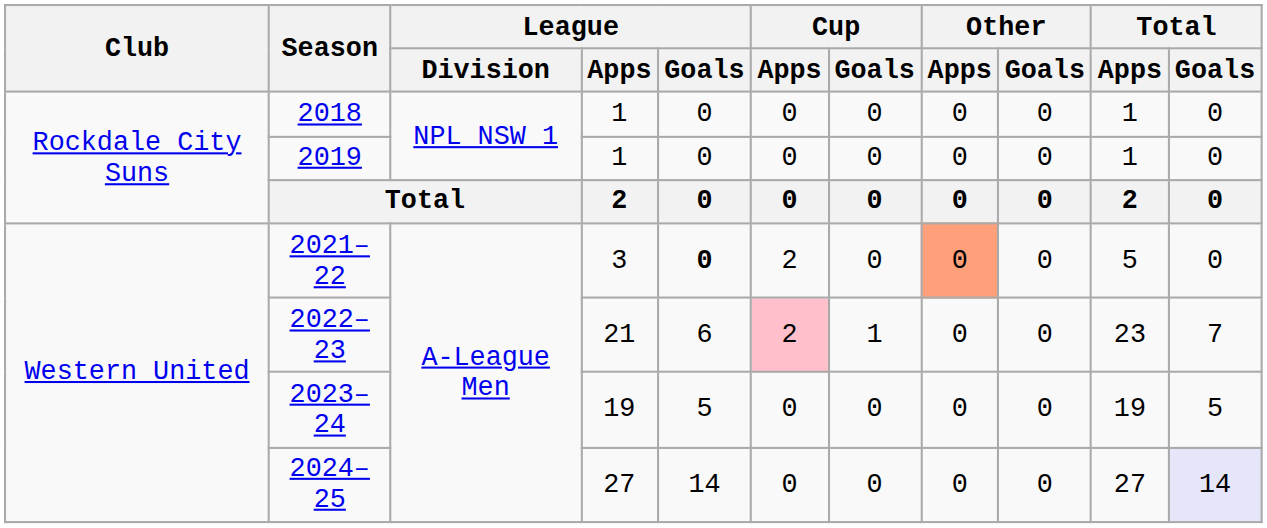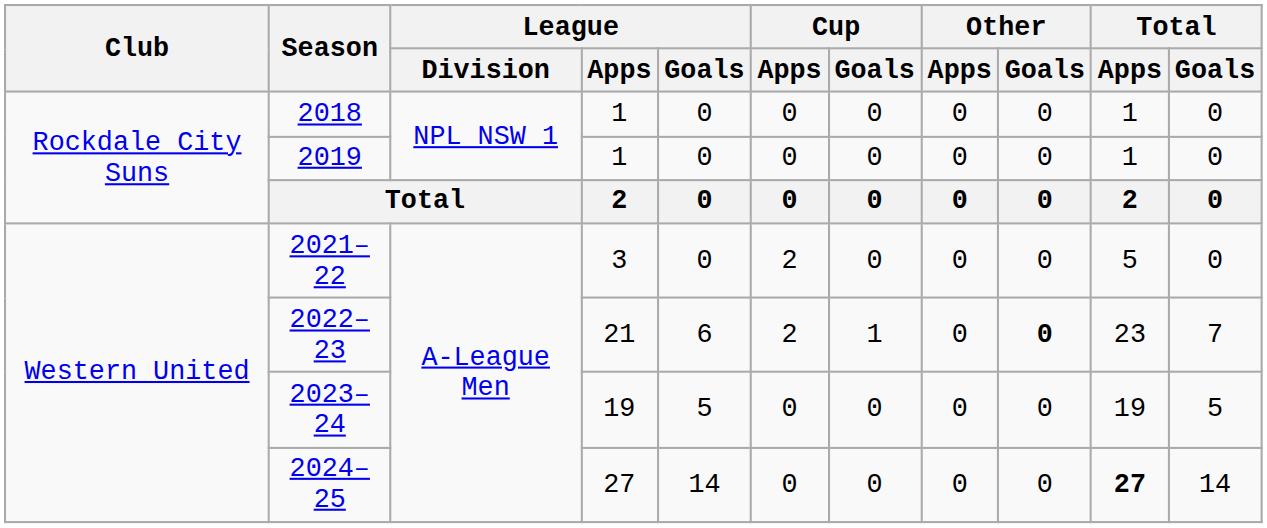 <table class="wikitable" style="text-align: center">
 <tr>
 <th rowspan="2">Club</th>
 <th rowspan="2">Season</th>
 <th colspan="3">League</th>
 <th colspan="2">Cup</th>
 <th colspan="2">Other</th>
 <th colspan="2">Total</th>
 </tr>
 <tr>
 <th>Division</th>
 <th>Apps</th>
 <th>Goals</th>
 <th>Apps</th>
 <th>Goals</th>
 <th>Apps</th>
 <th>Goals</th>
 <th>Apps</th>
 <th>Goals</th>
 </tr>
 <tr>
 <td rowspan="3"><a href='#'>Rockdale City Suns</a></td>
 <td><a href='#'>2018</a></td>
 <td rowspan="2"><a href='#'>NPL NSW 1</a></td>
 <td>1</td>
 <td>0</td>
 <td>0</td>
 <td>0</td>
 <td>0</td>
 <td>0</td>
 <td>1</td>
 <td>0</td>
 </tr>
 <tr>
 <td><a href='#'>2019</a></td>
 <td>1</td>
 <td>0</td>
 <td>0</td>
 <td>0</td>
 <td>0</td>
 <td>0</td>
 <td>1</td>
 <td>0</td>
 </tr>
 <tr>
 <th colspan="2">Total</th>
 <th>2</th>
 <th>0</th>
 <th>0</th>
 <th>0</th>
 <th>0</th>
 <th>0</th>
 <th>2</th>
 <th>0</th>
 </tr>
 <tr>
 <td rowspan="5"><a href='#'>Western United</a></td>
 <td><a href='#'>2021–22</a></td>
 <td rowspan="4"><a href='#'>A-League Men</a></td>
 <td>3</td>
-<td><strong>0</strong></td>
+<td>0</td>
 <td>2</td>
 <td>0</td>
-<td style="background: lightsalmon;">0</td>
+<td>0</td>
 <td>0</td>
 <td>5</td>
 <td>0</td>
 </tr>
 <tr>
 <td><a href='#'>2022–23</a></td>
 <td>21</td>
 <td>6</td>
-<td style="background: pink;">2</td>
+<td>2</td>
 <td>1</td>
 <td>0</td>
-<td>0</td>
+<td><strong>0</strong></td>
 <td>23</td>
 <td>7</td>
 </tr>
 <tr>
 <td><a href='#'>2023–24</a></td>
 <td>19</td>
 <td>5</td>
 <td>0</td>
 <td>0</td>
 <td>0</td>
 <td>0</td>
 <td>19</td>
 <td>5</td>
 </tr>
 <tr>
 <td><a href='#'>2024–25</a></td>
 <td>27</td>
 <td>14</td>
 <td>0</td>
 <td>0</td>
 <td>0</td>
 <td>0</td>
-<td>27</td>
-<td style="background: lavender;">14</td>
+<td><strong>27</strong></td>
+<td>14</td>
 </tr>
 </table>
